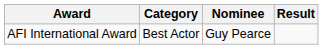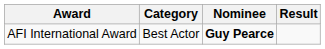 <table class="wikitable sortable">
 <tr>
 <th>Award</th>
 <th>Category</th>
 <th>Nominee</th>
 <th>Result</th>
 </tr>
 <tr>
 <td rowspan="2">AFI International Award</td>
 <td>Best Actor</td>
-<td>Guy Pearce</td>
+<td><strong>Guy Pearce</strong></td>
 <td></td>
 </tr>
 </table>
